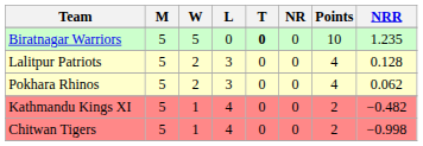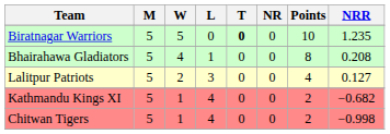 <table class="wikitable" style="text-align:center;">
 <tr>
 <th width=150>Team</th>
 <th width=30 abbr="Played">M</th>
 <th width=30 abbr="Won">W</th>
 <th width=30 abbr="Lost">L</th>
 <th width=30 abbr="Tied">T</th>
 <th width=30 abbr="No result">NR</th>
 <th width=40>Points</th>
 <th width=60 abbr="Net run rate"><a href='#'>NRR</a></th>
 </tr>
 <tr>
 </tr>
 <tr style="background-color:#cfc">
 <td style="text-align:left"><a href='#'>Biratnagar Warriors</a></td>
 <td>5</td>
 <td>5</td>
 <td>0</td>
 <td><strong>0</strong></td>
 <td>0</td>
 <td>10</td>
 <td>1.235</td>
 </tr>
 <tr>
 </tr>
+<tr style="background-color:#cfc">
+<td style="text-align:left">Bhairahawa Gladiators</td>
+<td>5</td>
+<td>4</td>
+<td>1</td>
+<td>0</td>
+<td>0</td>
+<td>8</td>
+<td>0.208</td>
+</tr>
 <tr>
 </tr>
 <tr style="background-color:#ffc">
 <td style="text-align:left">Lalitpur Patriots</td>
 <td>5</td>
 <td>2</td>
 <td>3</td>
 <td>0</td>
 <td>0</td>
 <td>4</td>
-<td>0.128</td>
+<td>0.127</td>
 </tr>
 <tr>
-</tr>
-<tr style="background-color:#ffc">
-<td style="text-align:left">Pokhara Rhinos</td>
-<td>5</td>
-<td>2</td>
-<td>3</td>
-<td>0</td>
-<td>0</td>
-<td>4</td>
-<td>0.062</td>
 </tr>
 <tr>
 </tr>
 <tr style="background-color:#FF8888;">
 <td style="text-align:left">Kathmandu Kings XI</td>
 <td>5</td>
 <td>1</td>
 <td>4</td>
 <td>0</td>
 <td>0</td>
 <td>2</td>
-<td>−0.482</td>
+<td>−0.682</td>
 </tr>
 <tr style="background-color:#FF8888;">
 <td style="text-align:left">Chitwan Tigers</td>
 <td>5</td>
 <td>1</td>
 <td>4</td>
 <td>0</td>
 <td>0</td>
 <td>2</td>
 <td>−0.998</td>
 </tr>
 <tr>
 </tr>
 </table>
